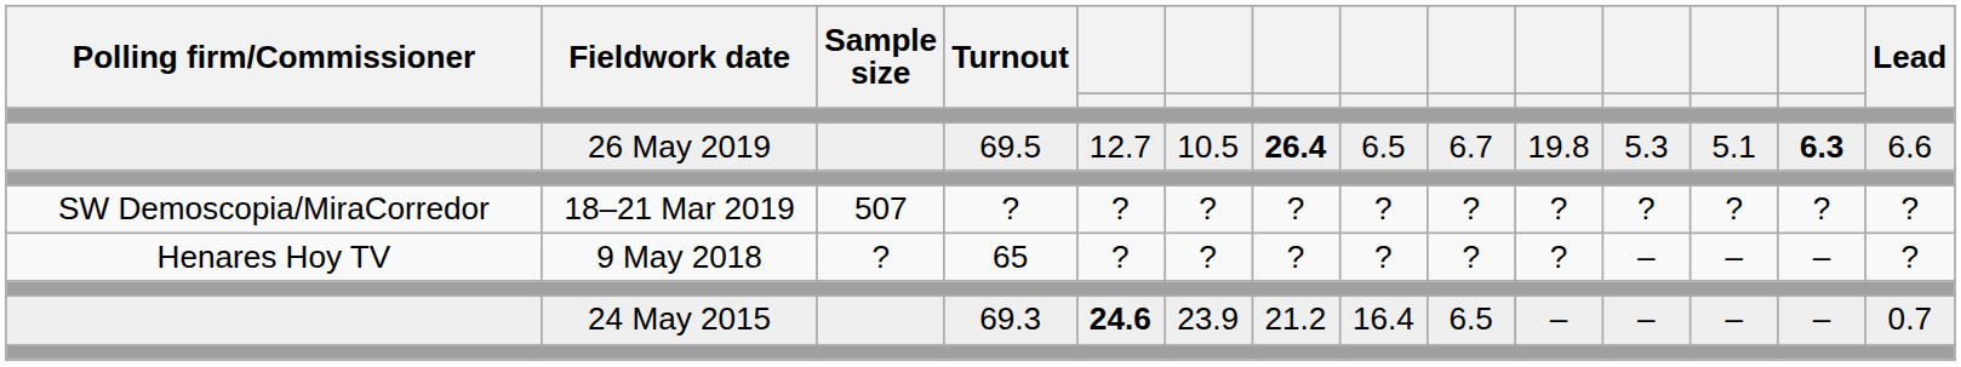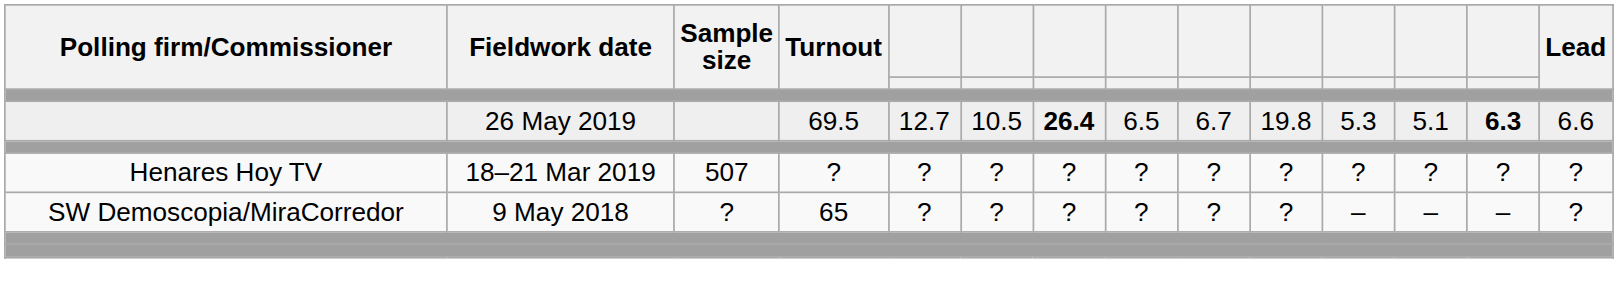 <table class="wikitable collapsible collapsed" style="text-align:center; font-size:95%; line-height:16px;">
 <tr style="height:42px;">
 <th style="width:250px;" rowspan="2">Polling firm/Commissioner</th>
 <th style="width:125px;" rowspan="2">Fieldwork date</th>
 <th style="width:50px;" rowspan="2">Sample size</th>
 <th style="width:45px;" rowspan="2">Turnout</th>
 <th style="width:35px;"></th>
 <th style="width:35px;"></th>
 <th style="width:35px;"></th>
 <th style="width:35px;"></th>
 <th style="width:35px;"></th>
 <th style="width:35px;"></th>
 <th style="width:35px;"></th>
 <th style="width:35px;"></th>
 <th style="width:35px;"></th>
 <th style="width:30px;" rowspan="2">Lead</th>
 </tr>
 <tr>
 <th style="color:inherit;background:"></th>
 <th style="color:inherit;background:"></th>
 <th style="color:inherit;background:"></th>
 <th style="color:inherit;background:"></th>
 <th style="color:inherit;background:"></th>
 <th style="color:inherit;background:"></th>
 <th style="color:inherit;background:"></th>
 <th style="color:inherit;background:"></th>
 <th style="color:inherit;background:"></th>
 </tr>
 <tr>
 <td colspan="14" style="background:#A0A0A0"></td>
 </tr>
 <tr style="background:#EFEFEF;">
 <td><strong></strong></td>
 <td>26 May 2019</td>
 <td></td>
 <td>69.5</td>
 <td>12.7<br></td>
 <td>10.5<br></td>
 <td><strong>26.4</strong><br></td>
 <td>6.5<br></td>
 <td>6.7<br></td>
 <td>19.8<br></td>
 <td>5.3<br></td>
 <td>5.1<br></td>
 <td><strong>6.3<br></strong></td>
 <td style="background:">6.6</td>
 </tr>
 <tr>
 <td colspan="14" style="background:#A0A0A0"></td>
 </tr>
 <tr>
-<td>SW Demoscopia/MiraCorredor</td>
+<td>Henares Hoy TV</td>
 <td>18–21 Mar 2019</td>
 <td>507</td>
 <td>?</td>
 <td>?<br></td>
 <td>?<br></td>
 <td>?<br></td>
 <td>?<br></td>
 <td>?<br></td>
 <td>?<br></td>
 <td>?<br></td>
 <td>?<br></td>
 <td>?<br></td>
 <td style="background:">?</td>
 </tr>
 <tr>
-<td>Henares Hoy TV</td>
+<td>SW Demoscopia/MiraCorredor</td>
 <td>9 May 2018</td>
 <td>?</td>
 <td>65</td>
 <td>?<br></td>
 <td>?<br></td>
 <td>?<br></td>
 <td>?<br></td>
 <td>?<br></td>
 <td>?<br></td>
 <td>–</td>
 <td>–</td>
 <td>–</td>
 <td style="background:">?</td>
 </tr>
 <tr>
 <td colspan="14" style="background:#A0A0A0"></td>
 </tr>
-<tr style="background:#EFEFEF;">
-<td><strong></strong></td>
-<td>24 May 2015</td>
-<td></td>
-<td>69.3</td>
-<td><strong>24.6</strong><br></td>
-<td>23.9<br></td>
-<td>21.2<br></td>
-<td>16.4<br></td>
-<td>6.5<br></td>
-<td>–</td>
-<td>–</td>
-<td>–</td>
-<td>–</td>
-<td style="background:">0.7</td>
-</tr>
 <tr>
 <td colspan="14" style="background:#A0A0A0"></td>
 </tr>
 </table>
